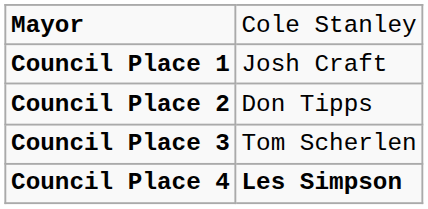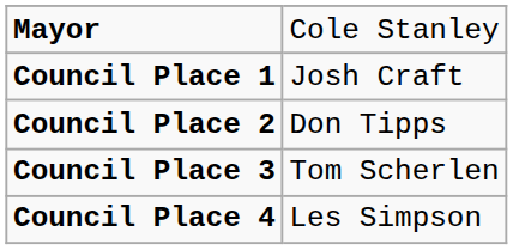 <table class="wikitable" style="margin:auto;">
 <tr As of May 16, 2023>
 <td><strong>Mayor</strong></td>
 <td>Cole Stanley</td>
 </tr>
 <tr>
 <td><strong>Council Place 1</strong></td>
 <td>Josh Craft</td>
 </tr>
 <tr>
 <td><strong>Council Place 2</strong></td>
 <td>Don Tipps</td>
 </tr>
 <tr>
 <td><strong>Council Place 3</strong></td>
 <td>Tom Scherlen</td>
 </tr>
 <tr>
 <td><strong>Council Place 4</strong></td>
-<td><strong>Les Simpson</strong></td>
+<td>Les Simpson</td>
 </tr>
 </table>
